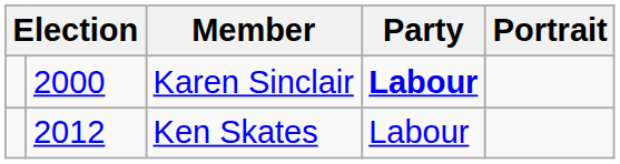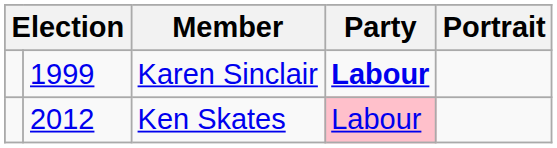 <table class="wikitable">
 <tr>
 <th colspan="2">Election</th>
 <th>Member</th>
 <th>Party</th>
 <th>Portrait</th>
 </tr>
 <tr>
 <td style="background-color: "></td>
-<td><a href='#'>2000</a></td>
+<td><a href='#'>1999</a></td>
 <td><a href='#'>Karen Sinclair</a></td>
 <td><strong><a href='#'>Labour</a></strong></td>
 <td></td>
 </tr>
 <tr>
 <td style="background-color: "></td>
 <td><a href='#'>2012</a></td>
 <td><a href='#'>Ken Skates</a></td>
-<td><a href='#'>Labour</a></td>
+<td style="background: pink;"><a href='#'>Labour</a></td>
 <td></td>
 </tr>
 </table>
